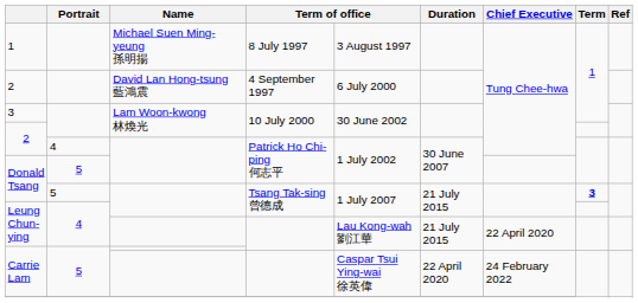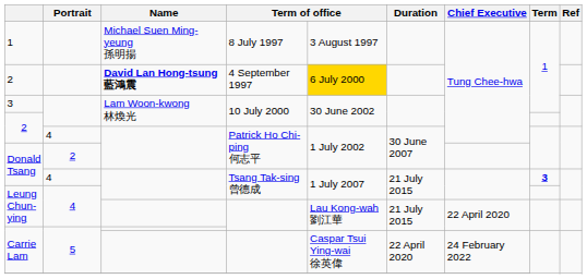 <table class="wikitable"  style="text-align:left">
 <tr>
 <th width=10px></th>
 <th width=80px>Portrait</th>
 <th width=180px>Name</th>
 <th width=180px colspan=2>Term of office</th>
 <th width=80px>Duration</th>
 <th width=120px><a href='#'>Chief Executive</a></th>
 <th>Term</th>
 <th>Ref</th>
 </tr>
 <tr>
 <td bgcolor=>1</td>
 <td></td>
 <td><a href='#'>Michael Suen Ming-yeung</a><br>孫明揚</td>
 <td>8 July 1997</td>
 <td>3 August 1997</td>
 <td></td>
 <td rowspan=5><a href='#'>Tung Chee-hwa</a><br></td>
 <td rowspan=3 align=center><a href='#'>1</a></td>
 <td></td>
 </tr>
 <tr>
 <td bgcolor=>2</td>
 <td></td>
-<td><a href='#'>David Lan Hong-tsung</a><br>藍鴻震</td>
+<td><strong><a href='#'>David Lan Hong-tsung</a><br>藍鴻震</strong></td>
 <td>4 September 1997</td>
-<td>6 July 2000</td>
+<td style="background: gold;">6 July 2000</td>
 <td></td>
 <td></td>
 </tr>
 <tr>
 <td bgcolor=>3</td>
 <td rowspan=2></td>
 <td rowspan=2><a href='#'>Lam Woon-kwong</a><br>林煥光</td>
 <td rowspan=2>10 July 2000</td>
 <td rowspan=2>30 June 2002</td>
 <td rowspan=2></td>
 <td rowspan=2></td>
 </tr>
 <tr>
 <td align=center rowspan=2><a href='#'>2</a></td>
 </tr>
 <tr>
 <td bgcolor=>4</td>
 <td rowspan=2></td>
 <td rowspan=2><a href='#'>Patrick Ho Chi-ping</a><br>何志平</td>
 <td rowspan=2>1 July 2002</td>
 <td rowspan=2>30 June 2007</td>
 <td rowspan=2></td>
 <td rowspan=2></td>
 </tr>
 <tr>
 <td rowspan=2><a href='#'>Donald Tsang</a><br></td>
-<td align=center><a href='#'>5</a></td>
+<td align=center><a href='#'>2</a></td>
 </tr>
 <tr>
-<td bgcolor=>5</td>
+<td bgcolor=>4</td>
 <td rowspan=2></td>
 <td rowspan=2><a href='#'>Tsang Tak-sing</a><br>曾德成</td>
 <td rowspan=2>1 July 2007</td>
 <td rowspan=2>21 July 2015</td>
 <td rowspan=2></td>
 <td align=center><strong><a href='#'>3</a></strong></td>
 <td rowspan=2></td>
 </tr>
 <tr>
 <td rowspan=2><a href='#'>Leung Chun-ying</a><br></td>
 <td rowspan=2 align=center><a href='#'>4</a></td>
 </tr>
 <tr>
 <td style="background:"></td>
 <td rowspan=2></td>
 <td rowspan=2><a href='#'>Lau Kong-wah</a><br>劉江華</td>
 <td rowspan=2>21 July 2015</td>
 <td rowspan=2>22 April 2020</td>
 <td rowspan=2></td>
 <td rowspan=2></td>
 </tr>
 <tr>
 <td rowspan=2><a href='#'>Carrie Lam</a><br></td>
 <td rowspan=2 align=center><a href='#'>5</a></td>
 </tr>
 <tr>
 <td style="background:"></td>
 <td></td>
 <td><a href='#'>Caspar Tsui Ying-wai</a><br>徐英偉</td>
 <td>22 April 2020</td>
 <td>24 February 2022</td>
 <td rowspan=2></td>
 <td rowspan=2></td>
 </tr>
 <tr>
 </tr>
 </table>
